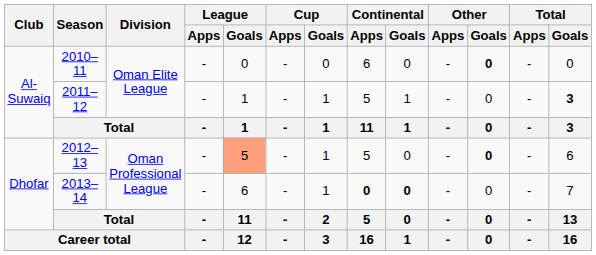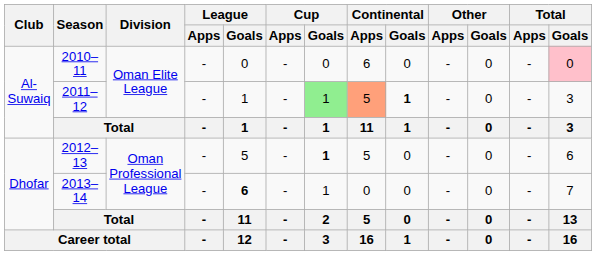 <table class="wikitable" style="text-align: center;">
 <tr>
 <th rowspan="2">Club</th>
 <th rowspan="2">Season</th>
 <th rowspan="2">Division</th>
 <th colspan="2">League</th>
 <th colspan="2">Cup</th>
 <th colspan="2">Continental</th>
 <th colspan="2">Other</th>
 <th colspan="2">Total</th>
 </tr>
 <tr>
 <th>Apps</th>
 <th>Goals</th>
 <th>Apps</th>
 <th>Goals</th>
 <th>Apps</th>
 <th>Goals</th>
 <th>Apps</th>
 <th>Goals</th>
 <th>Apps</th>
 <th>Goals</th>
 </tr>
 <tr>
 <td rowspan="3"><a href='#'>Al-Suwaiq</a></td>
 <td><a href='#'>2010–11</a></td>
 <td rowspan="2"><a href='#'>Oman Elite League</a></td>
 <td>-</td>
 <td>0</td>
 <td>-</td>
 <td>0</td>
 <td>6</td>
 <td>0</td>
 <td>-</td>
-<td><strong>0</strong></td>
+<td>0</td>
 <td>-</td>
-<td>0</td>
+<td style="background: pink;">0</td>
 </tr>
 <tr>
 <td><a href='#'>2011–12</a></td>
 <td>-</td>
 <td>1</td>
 <td>-</td>
-<td>1</td>
-<td>5</td>
-<td>1</td>
+<td style="background: lightgreen;">1</td>
+<td style="background: lightsalmon;">5</td>
+<td><strong>1</strong></td>
 <td>-</td>
 <td>0</td>
 <td>-</td>
-<td><strong>3</strong></td>
+<td>3</td>
 </tr>
 <tr>
 <th colspan="2">Total</th>
 <th>-</th>
 <th>1</th>
 <th>-</th>
 <th>1</th>
 <th>11</th>
 <th>1</th>
 <th>-</th>
 <th>0</th>
 <th>-</th>
 <th>3</th>
 </tr>
 <tr>
 <td rowspan="3"><a href='#'>Dhofar</a></td>
 <td><a href='#'>2012–13</a></td>
 <td rowspan="2"><a href='#'>Oman Professional League</a></td>
 <td>-</td>
-<td style="background: lightsalmon;">5</td>
+<td>5</td>
 <td>-</td>
-<td>1</td>
+<td><strong>1</strong></td>
 <td>5</td>
 <td>0</td>
 <td>-</td>
-<td><strong>0</strong></td>
+<td>0</td>
 <td>-</td>
 <td>6</td>
 </tr>
 <tr>
 <td><a href='#'>2013–14</a></td>
 <td>-</td>
-<td>6</td>
+<td><strong>6</strong></td>
 <td>-</td>
 <td>1</td>
-<td><strong>0</strong></td>
-<td><strong>0</strong></td>
+<td>0</td>
+<td>0</td>
 <td>-</td>
 <td>0</td>
 <td>-</td>
 <td>7</td>
 </tr>
 <tr>
 <th colspan="2">Total</th>
 <th>-</th>
 <th>11</th>
 <th>-</th>
 <th>2</th>
 <th>5</th>
 <th>0</th>
 <th>-</th>
 <th>0</th>
 <th>-</th>
 <th>13</th>
 </tr>
 <tr>
 <th colspan="3">Career total</th>
 <th>-</th>
 <th>12</th>
 <th>-</th>
 <th>3</th>
 <th>16</th>
 <th>1</th>
 <th>-</th>
 <th>0</th>
 <th>-</th>
 <th>16</th>
 </tr>
 </table>
